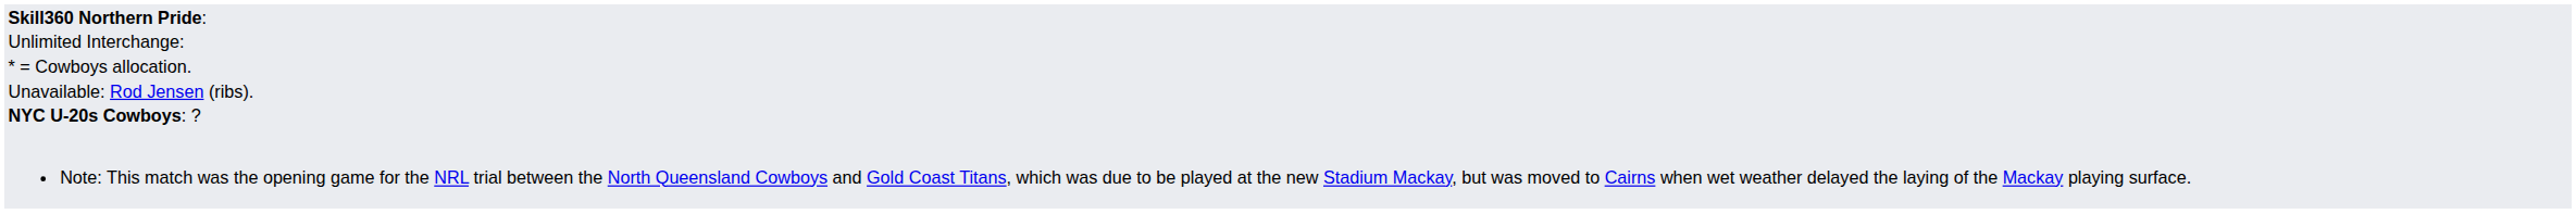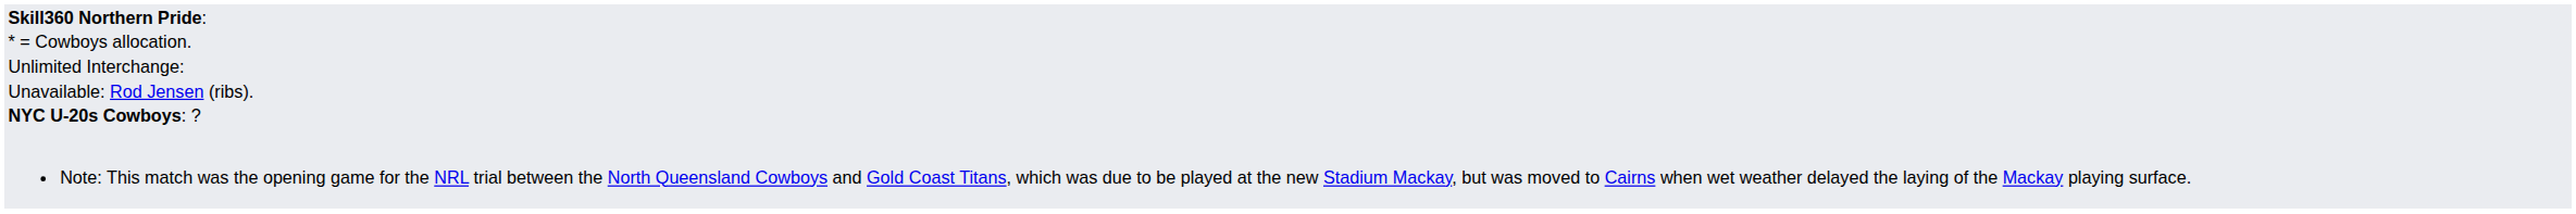 <table style="background:#eaecf0; font-size:85%; width:100%;">
 <tr>
 <td><strong>Skill360 Northern Pride</strong>:             </td>
 </tr>
 <tr>
-<td>Unlimited Interchange:         </td>
+<td>* = Cowboys allocation.</td>
 </tr>
 <tr>
-<td>* = Cowboys allocation.</td>
+<td>Unlimited Interchange:         </td>
 </tr>
 <tr>
 <td>Unavailable: <a href='#'>Rod Jensen</a> (ribs).</td>
 </tr>
 <tr>
 <td><strong>NYC U-20s Cowboys</strong>: ?</td>
 </tr>
 <tr>
 <td><br><ul><li>Note: This match was the opening game for the <a href='#'>NRL</a> trial between the <a href='#'>North Queensland Cowboys</a> and <a href='#'>Gold Coast Titans</a>, which was due to be played at the new <a href='#'>Stadium Mackay</a>, but was moved to <a href='#'>Cairns</a> when wet weather delayed the laying of the <a href='#'>Mackay</a> playing surface.</li></ul></td>
 </tr>
 </table>
